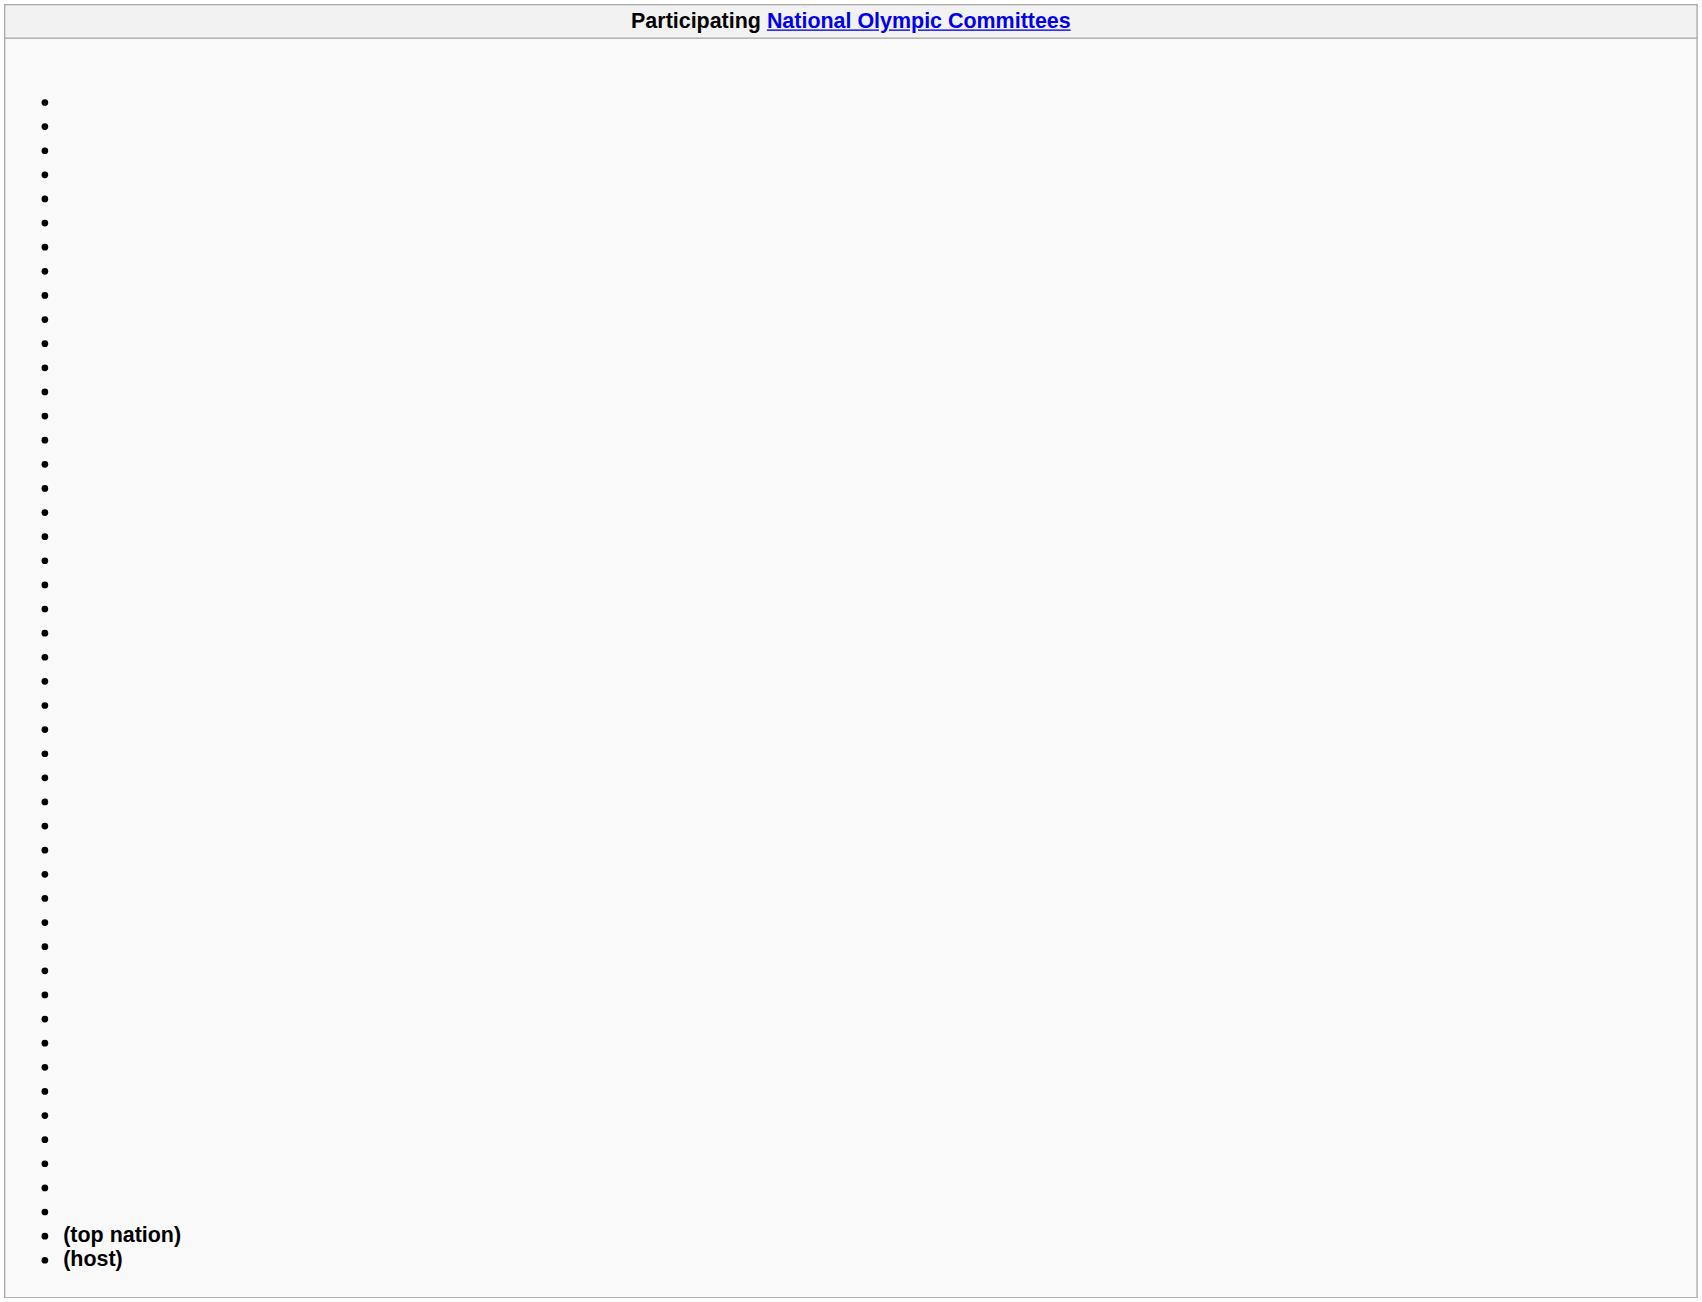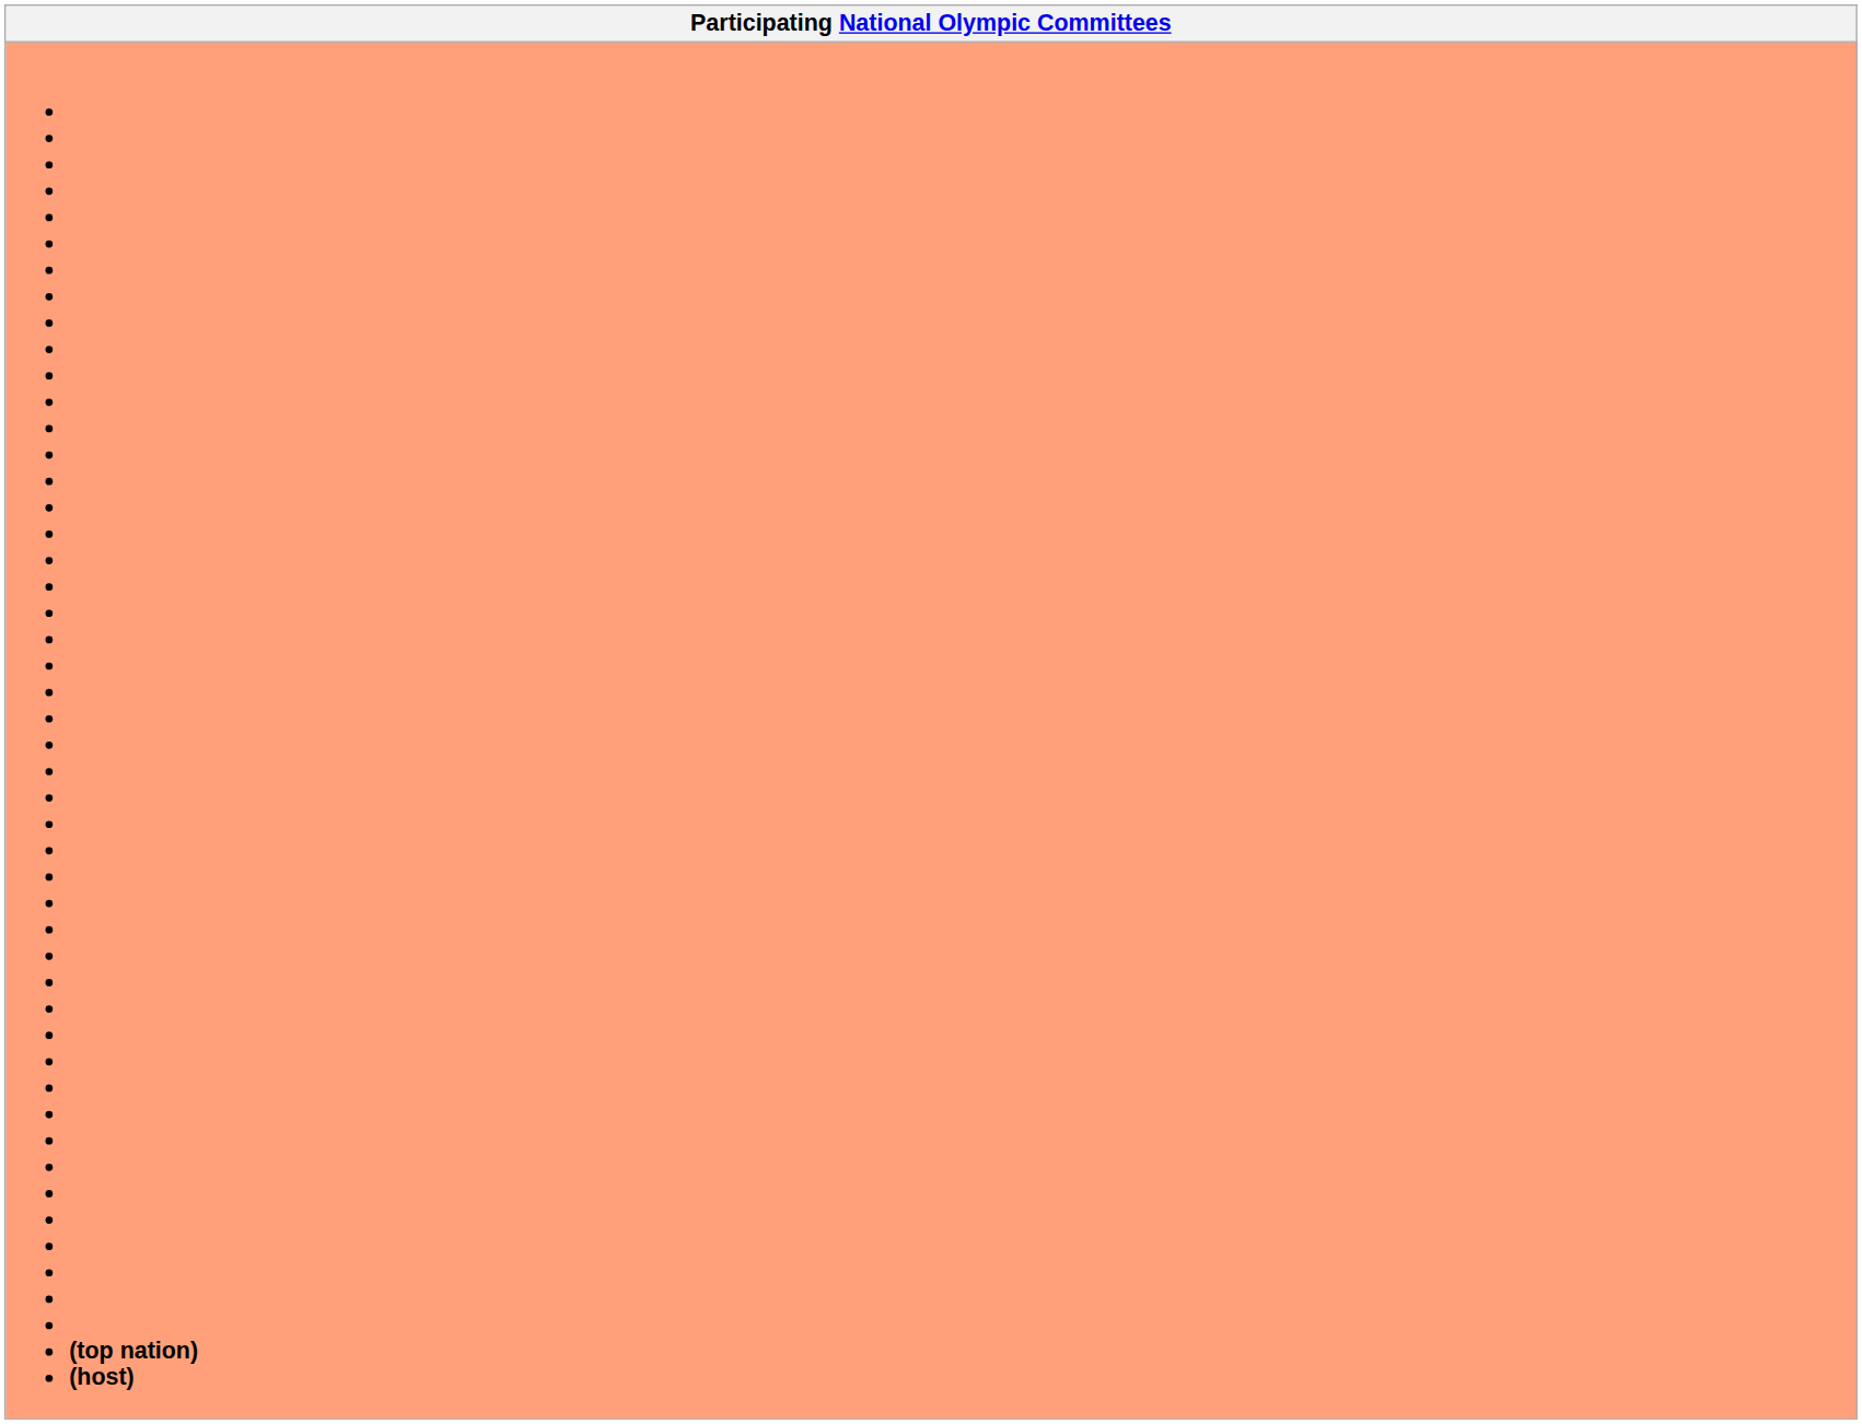 <table class="wikitable collapsible" style="width:100%;">
 <tr>
 <th>Participating <a href='#'>National Olympic Committees</a></th>
 </tr>
 <tr>
-<td><br><ul><li></li><li></li><li></li><li></li><li></li><li></li><li></li><li></li><li></li><li></li><li></li><li></li><li></li><li></li><li></li><li></li><li></li><li></li><li></li><li></li><li></li><li></li><li></li><li></li><li></li><li></li><li></li><li></li><li></li><li></li><li></li><li></li><li></li><li></li><li></li><li></li><li></li><li></li><li></li><li></li><li></li><li></li><li></li><li></li><li></li><li></li><li></li><li> <strong> (top nation)</strong></li><li> <strong>(host)</strong></li></ul></td>
+<td style="background: lightsalmon;"><br><ul><li></li><li></li><li></li><li></li><li></li><li></li><li></li><li></li><li></li><li></li><li></li><li></li><li></li><li></li><li></li><li></li><li></li><li></li><li></li><li></li><li></li><li></li><li></li><li></li><li></li><li></li><li></li><li></li><li></li><li></li><li></li><li></li><li></li><li></li><li></li><li></li><li></li><li></li><li></li><li></li><li></li><li></li><li></li><li></li><li></li><li></li><li></li><li> <strong> (top nation)</strong></li><li> <strong>(host)</strong></li></ul></td>
 </tr>
 </table>
